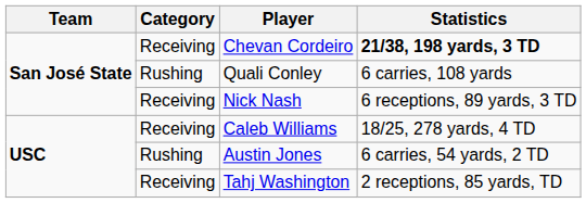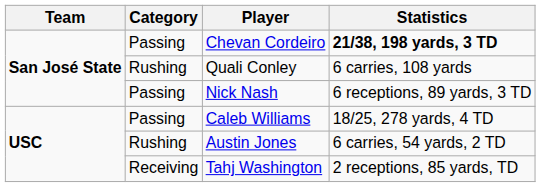 <table class="wikitable" style="float: right;">
 <tr>
 <th>Team</th>
 <th>Category</th>
 <th>Player</th>
 <th>Statistics</th>
 </tr>
 <tr>
 <td rowspan=3><strong>San José State</strong></td>
-<td>Receiving</td>
+<td>Passing</td>
 <td><a href='#'>Chevan Cordeiro</a></td>
 <td><strong>21/38, 198 yards, 3 TD</strong></td>
 </tr>
 <tr>
 <td>Rushing</td>
 <td>Quali Conley</td>
 <td>6 carries, 108 yards</td>
 </tr>
 <tr>
-<td>Receiving</td>
+<td>Passing</td>
 <td><a href='#'>Nick Nash</a></td>
 <td>6 receptions, 89 yards, 3 TD</td>
 </tr>
 <tr>
 <td rowspan=3><strong>USC</strong></td>
-<td>Receiving</td>
+<td>Passing</td>
 <td><a href='#'>Caleb Williams</a></td>
 <td>18/25, 278 yards, 4 TD</td>
 </tr>
 <tr>
 <td>Rushing</td>
 <td><a href='#'>Austin Jones</a></td>
 <td>6 carries, 54 yards, 2 TD</td>
 </tr>
 <tr>
 <td>Receiving</td>
 <td><a href='#'>Tahj Washington</a></td>
 <td>2 receptions, 85 yards, TD</td>
 </tr>
 </table>
